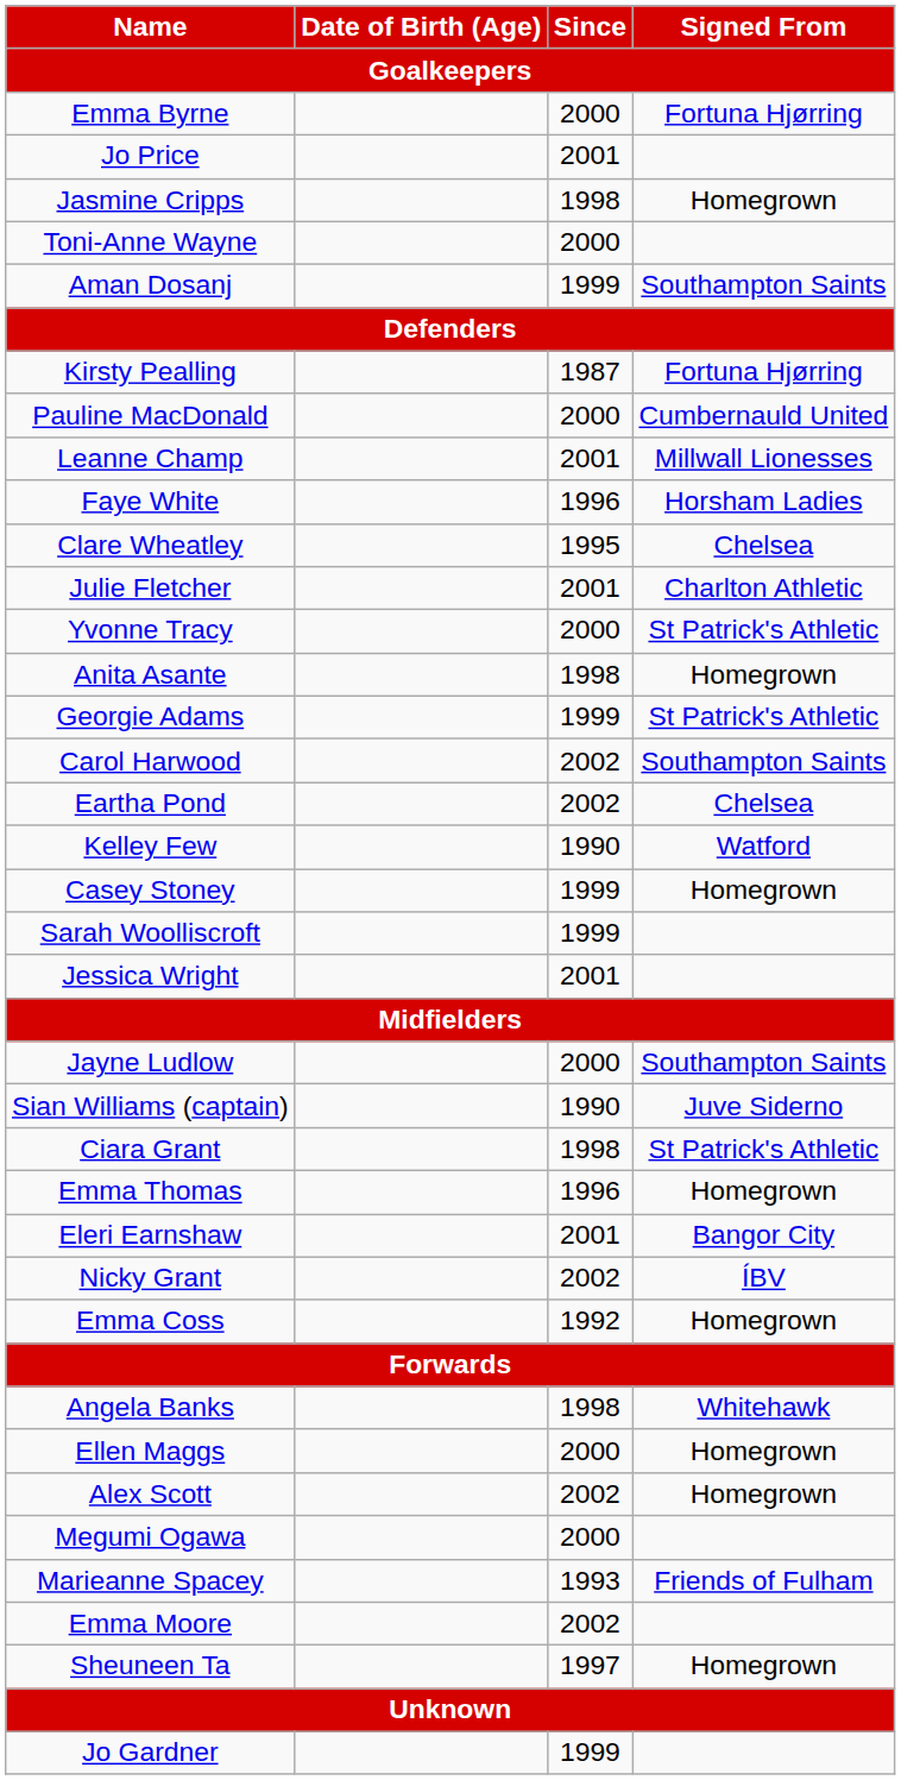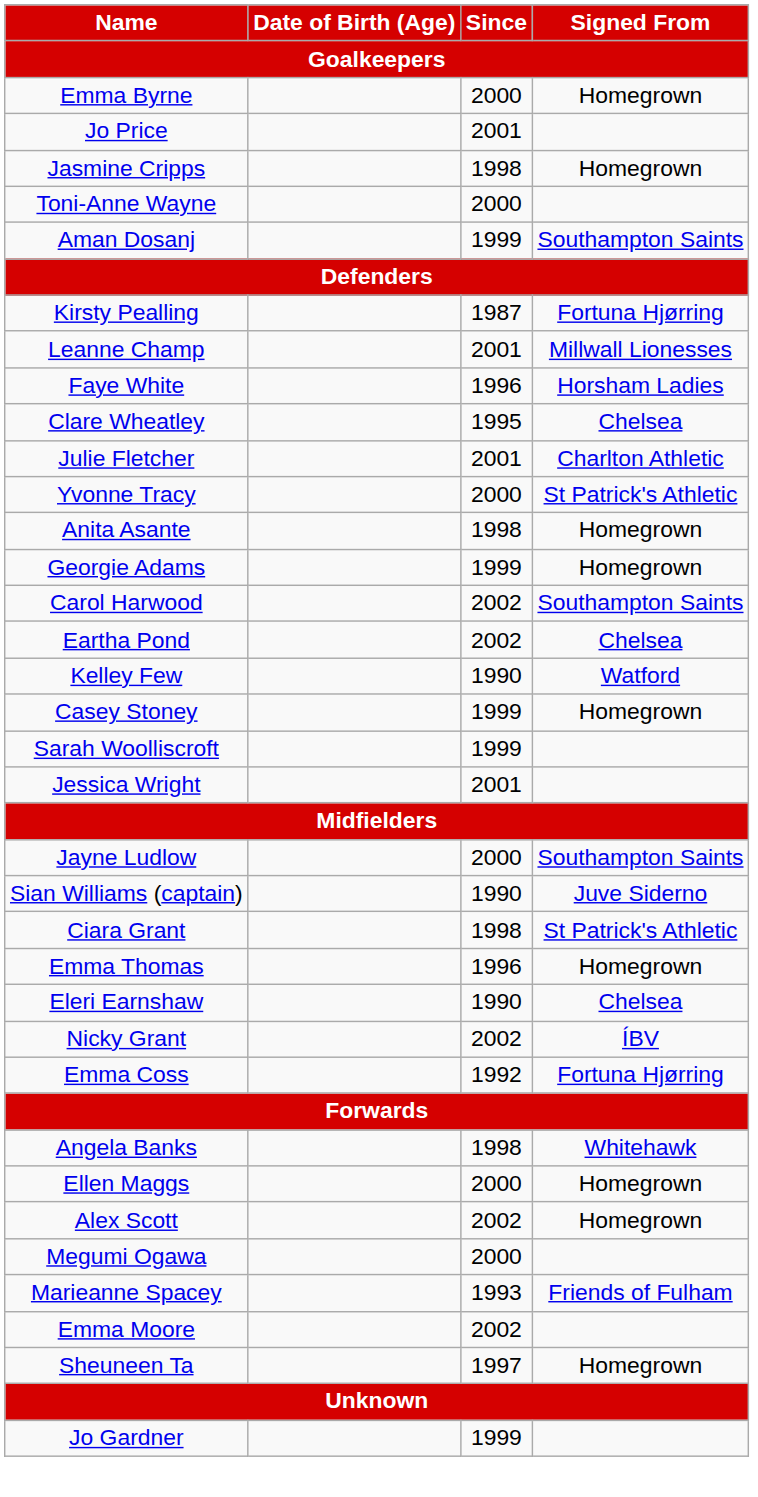 <table class="wikitable" style="text-align:center; font-size:100%; ">
 <tr>
 <th style="background:#d50000; color:white; text-align:center;">Name</th>
 <th style="background:#d50000; color:white; text-align:center;">Date of Birth (Age)</th>
 <th style="background:#d50000; color:white; text-align:center;">Since</th>
 <th style="background:#d50000; color:white; text-align:center;">Signed From</th>
 </tr>
 <tr>
 <th style="background:#d50000; color:white; text-align:center;" colspan="4">Goalkeepers</th>
 </tr>
 <tr>
 <td> <a href='#'>Emma Byrne</a></td>
 <td></td>
 <td>2000</td>
-<td> <a href='#'>Fortuna Hjørring</a></td>
+<td>Homegrown</td>
 </tr>
 <tr>
 <td> <a href='#'>Jo Price</a></td>
 <td></td>
 <td>2001</td>
 <td></td>
 </tr>
 <tr>
 <td> <a href='#'>Jasmine Cripps</a></td>
 <td></td>
 <td>1998</td>
 <td>Homegrown</td>
 </tr>
 <tr>
 <td> <a href='#'>Toni-Anne Wayne</a></td>
 <td></td>
 <td>2000</td>
 <td></td>
 </tr>
 <tr>
 <td> <a href='#'>Aman Dosanj</a></td>
 <td></td>
 <td>1999</td>
 <td> <a href='#'>Southampton Saints</a></td>
 </tr>
 <tr>
 <th style="background:#d50000; color:white; text-align:center;" colspan="4">Defenders</th>
 </tr>
 <tr>
 <td> <a href='#'>Kirsty Pealling</a></td>
 <td></td>
 <td>1987</td>
 <td> <a href='#'>Fortuna Hjørring</a></td>
-</tr>
-<tr>
-<td> <a href='#'>Pauline MacDonald</a></td>
-<td></td>
-<td>2000</td>
-<td> <a href='#'>Cumbernauld United</a></td>
 </tr>
 <tr>
 <td> <a href='#'>Leanne Champ</a></td>
 <td></td>
 <td>2001</td>
 <td> <a href='#'>Millwall Lionesses</a></td>
 </tr>
 <tr>
 <td> <a href='#'>Faye White</a></td>
 <td></td>
 <td>1996</td>
 <td> <a href='#'>Horsham Ladies</a></td>
 </tr>
 <tr>
 <td> <a href='#'>Clare Wheatley</a></td>
 <td></td>
 <td>1995</td>
 <td> <a href='#'>Chelsea</a></td>
 </tr>
 <tr>
 <td> <a href='#'>Julie Fletcher</a></td>
 <td></td>
 <td>2001</td>
 <td> <a href='#'>Charlton Athletic</a></td>
 </tr>
 <tr>
 <td> <a href='#'>Yvonne Tracy</a></td>
 <td></td>
 <td>2000</td>
 <td> <a href='#'>St Patrick's Athletic</a></td>
 </tr>
 <tr>
 <td> <a href='#'>Anita Asante</a></td>
 <td></td>
 <td>1998</td>
 <td>Homegrown</td>
 </tr>
 <tr>
 <td> <a href='#'>Georgie Adams</a></td>
 <td></td>
 <td>1999</td>
-<td> <a href='#'>St Patrick's Athletic</a></td>
+<td>Homegrown</td>
 </tr>
 <tr>
 <td> <a href='#'>Carol Harwood</a></td>
 <td></td>
 <td>2002</td>
 <td> <a href='#'>Southampton Saints</a></td>
 </tr>
 <tr>
 <td> <a href='#'>Eartha Pond</a></td>
 <td></td>
 <td>2002</td>
 <td> <a href='#'>Chelsea</a></td>
 </tr>
 <tr>
 <td> <a href='#'>Kelley Few</a></td>
 <td></td>
 <td>1990</td>
 <td> <a href='#'>Watford</a></td>
 </tr>
 <tr>
 <td> <a href='#'>Casey Stoney</a></td>
 <td></td>
 <td>1999</td>
 <td>Homegrown</td>
 </tr>
 <tr>
 <td> <a href='#'>Sarah Woolliscroft</a></td>
 <td></td>
 <td>1999</td>
 <td></td>
 </tr>
 <tr>
 <td> <a href='#'>Jessica Wright</a></td>
 <td></td>
 <td>2001</td>
 <td></td>
 </tr>
 <tr>
 <th style="background:#d50000; color:white; text-align:center;" colspan="4">Midfielders</th>
 </tr>
 <tr>
 <td> <a href='#'>Jayne Ludlow</a></td>
 <td></td>
 <td>2000</td>
 <td><em></em> <a href='#'>Southampton Saints</a></td>
 </tr>
 <tr>
 <td> <a href='#'>Sian Williams</a> (<a href='#'>captain</a>)</td>
 <td></td>
 <td>1990</td>
 <td> <a href='#'>Juve Siderno</a></td>
 </tr>
 <tr>
 <td> <a href='#'>Ciara Grant</a></td>
 <td></td>
 <td>1998</td>
 <td> <a href='#'>St Patrick's Athletic</a></td>
 </tr>
 <tr>
 <td> <a href='#'>Emma Thomas</a></td>
 <td></td>
 <td>1996</td>
 <td>Homegrown</td>
 </tr>
 <tr>
 <td> <a href='#'>Eleri Earnshaw</a></td>
 <td></td>
-<td>2001</td>
-<td> <a href='#'>Bangor City</a></td>
+<td>1990</td>
+<td> <a href='#'>Chelsea</a></td>
 </tr>
 <tr>
 <td> <a href='#'>Nicky Grant</a></td>
 <td></td>
 <td>2002</td>
 <td> <a href='#'>ÍBV</a></td>
 </tr>
 <tr>
 <td> <a href='#'>Emma Coss</a></td>
 <td></td>
 <td>1992</td>
-<td>Homegrown</td>
+<td> <a href='#'>Fortuna Hjørring</a></td>
 </tr>
 <tr>
 <th style="background:#d50000; color:white; text-align:center;" colspan="4">Forwards</th>
 </tr>
 <tr>
 <td> <a href='#'>Angela Banks</a></td>
 <td></td>
 <td>1998</td>
 <td><em></em> <a href='#'>Whitehawk</a></td>
 </tr>
 <tr>
 <td> <a href='#'>Ellen Maggs</a></td>
 <td></td>
 <td>2000</td>
 <td>Homegrown</td>
 </tr>
 <tr>
 <td> <a href='#'>Alex Scott</a></td>
 <td></td>
 <td>2002</td>
 <td>Homegrown</td>
 </tr>
 <tr>
 <td> <a href='#'>Megumi Ogawa</a></td>
 <td></td>
 <td>2000</td>
 <td></td>
 </tr>
 <tr>
 <td> <a href='#'>Marieanne Spacey</a></td>
 <td></td>
 <td>1993</td>
 <td><em></em> <a href='#'>Friends of Fulham</a></td>
 </tr>
 <tr>
 <td><a href='#'>Emma Moore</a></td>
 <td></td>
 <td>2002</td>
 <td></td>
 </tr>
 <tr>
 <td> <a href='#'>Sheuneen Ta</a></td>
 <td></td>
 <td>1997</td>
 <td>Homegrown</td>
 </tr>
 <tr>
 <th style="background:#d50000; color:white; text-align:center;" colspan="4">Unknown</th>
 </tr>
 <tr>
 <td><a href='#'>Jo Gardner</a></td>
 <td></td>
 <td>1999</td>
 <td></td>
 </tr>
 </table>
